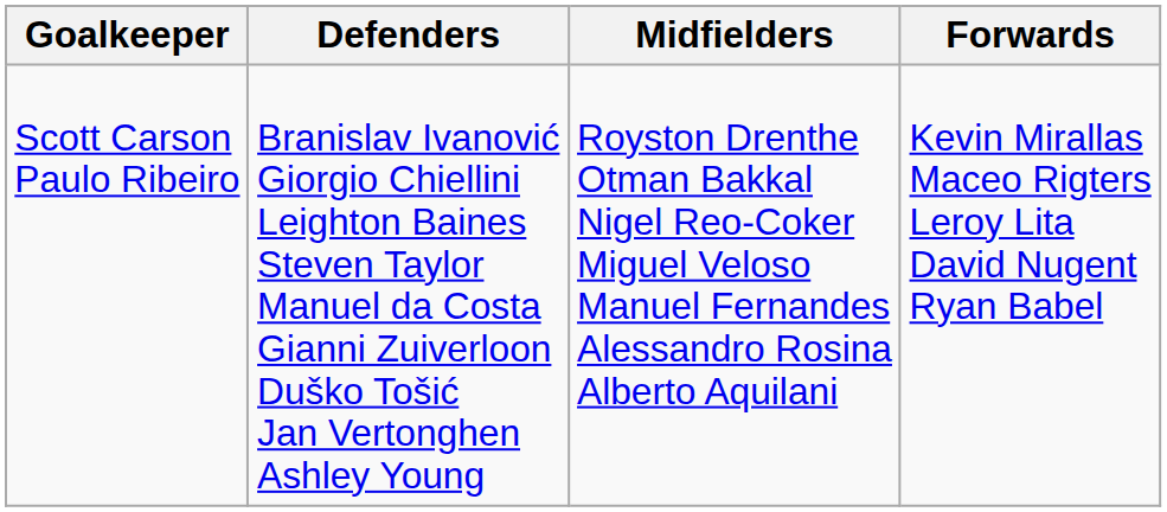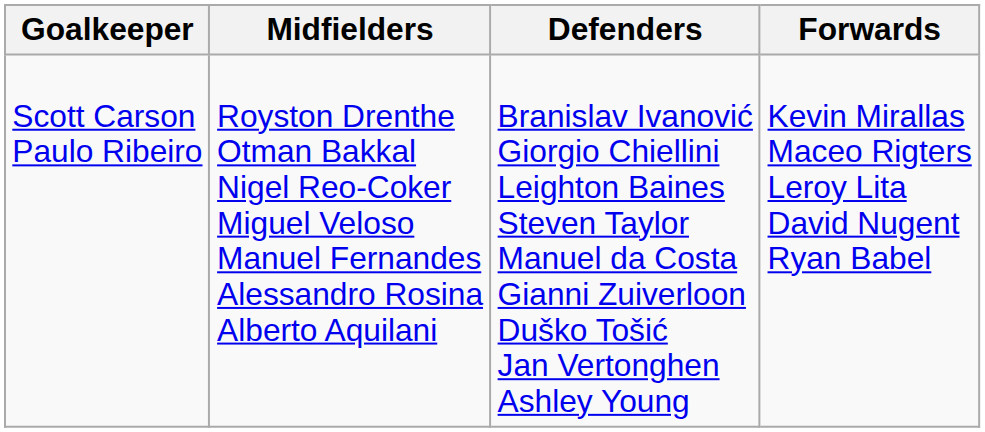 <table class="wikitable">
 <tr>
 <th>Goalkeeper</th>
+<th>Midfielders</th>
 <th>Defenders</th>
-<th>Midfielders</th>
 <th>Forwards</th>
 </tr>
 <tr>
 <td valign=top><br> <a href='#'>Scott Carson</a><br>  <a href='#'>Paulo Ribeiro</a></td>
+<td valign=top><br> <a href='#'>Royston Drenthe</a><br>  <a href='#'>Otman Bakkal</a><br>  <a href='#'>Nigel Reo-Coker</a><br>  <a href='#'>Miguel Veloso</a><br>  <a href='#'>Manuel Fernandes</a><br>  <a href='#'>Alessandro Rosina</a><br>  <a href='#'>Alberto Aquilani</a></td>
 <td valign=top><br> <a href='#'>Branislav Ivanović</a><br>  <a href='#'>Giorgio Chiellini</a><br>  <a href='#'>Leighton Baines</a><br>  <a href='#'>Steven Taylor</a><br>  <a href='#'>Manuel da Costa</a><br>  <a href='#'>Gianni Zuiverloon</a><br>  <a href='#'>Duško Tošić</a><br>  <a href='#'>Jan Vertonghen</a><br>  <a href='#'>Ashley Young</a></td>
-<td valign=top><br> <a href='#'>Royston Drenthe</a><br>  <a href='#'>Otman Bakkal</a><br>  <a href='#'>Nigel Reo-Coker</a><br>  <a href='#'>Miguel Veloso</a><br>  <a href='#'>Manuel Fernandes</a><br>  <a href='#'>Alessandro Rosina</a><br>  <a href='#'>Alberto Aquilani</a></td>
 <td valign=top><br> <a href='#'>Kevin Mirallas</a><br>  <a href='#'>Maceo Rigters</a><br>  <a href='#'>Leroy Lita</a><br>  <a href='#'>David Nugent</a><br>  <a href='#'>Ryan Babel</a><br></td>
 </tr>
 </table>
